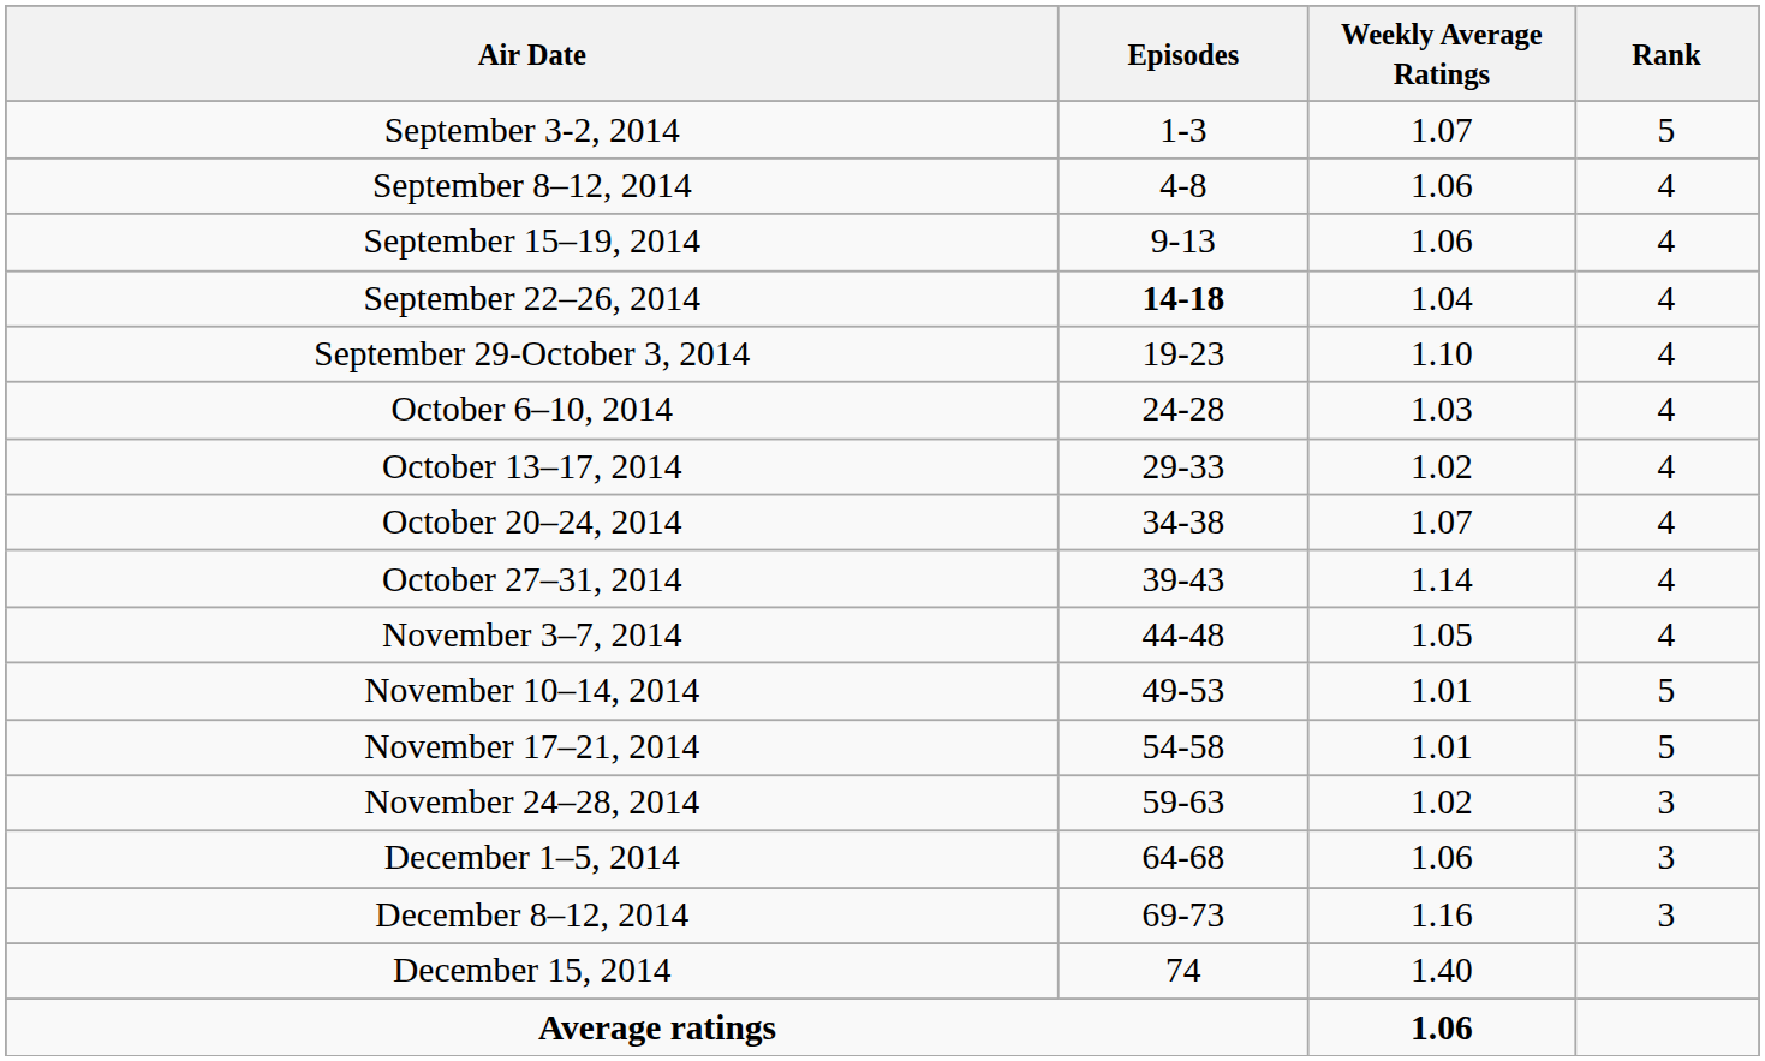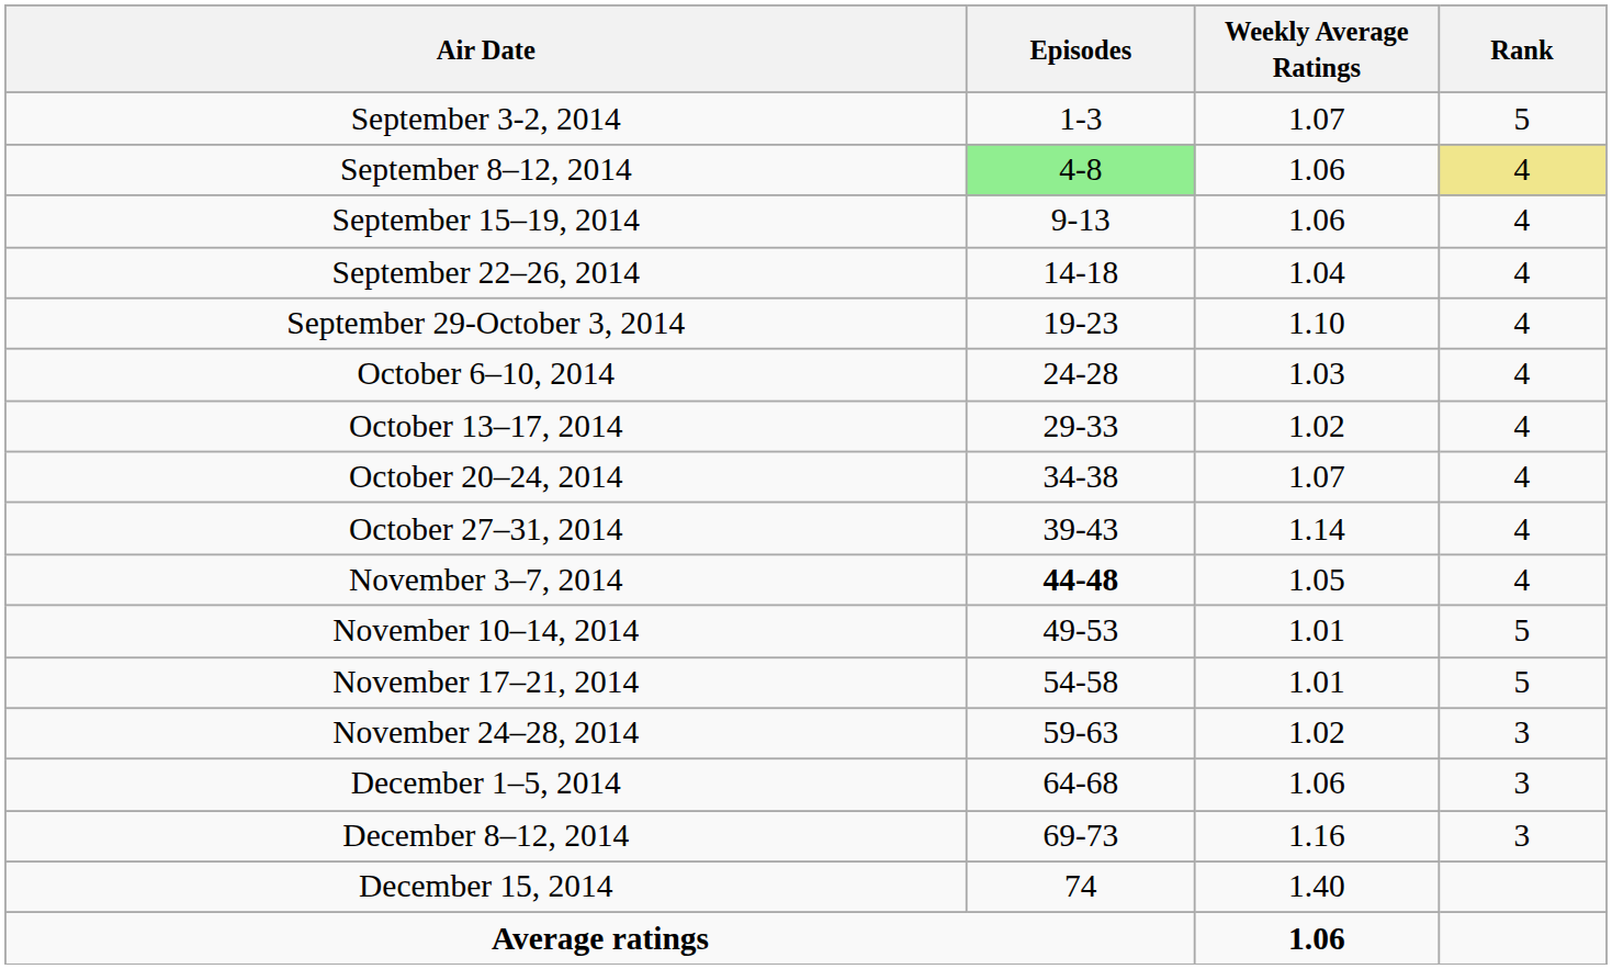 <table class="wikitable" style="text-align:center;width:40%;">
 <tr>
 <th width="25%"><small>Air Date</small></th>
 <th width="5%"><small>Episodes</small></th>
 <th width="6%"><small>Weekly Average Ratings</small></th>
 <th width="4%"><small>Rank</small></th>
 </tr>
 <tr>
 <td>September 3-2, 2014</td>
 <td>1-3</td>
 <td>1.07</td>
 <td>5</td>
 </tr>
 <tr>
 <td>September 8–12, 2014</td>
-<td>4-8</td>
+<td style="background: lightgreen;">4-8</td>
 <td>1.06</td>
-<td>4</td>
+<td style="background: khaki;">4</td>
 </tr>
 <tr>
 <td>September 15–19, 2014</td>
 <td>9-13</td>
 <td>1.06</td>
 <td>4</td>
 </tr>
 <tr>
 <td>September 22–26, 2014</td>
-<td><strong>14-18</strong></td>
+<td>14-18</td>
 <td>1.04</td>
 <td>4</td>
 </tr>
 <tr>
 <td>September 29-October 3, 2014</td>
 <td>19-23</td>
 <td>1.10</td>
 <td>4</td>
 </tr>
 <tr>
 <td>October 6–10, 2014</td>
 <td>24-28</td>
 <td>1.03</td>
 <td>4</td>
 </tr>
 <tr>
 <td>October 13–17, 2014</td>
 <td>29-33</td>
 <td>1.02</td>
 <td>4</td>
 </tr>
 <tr>
 <td>October 20–24, 2014</td>
 <td>34-38</td>
 <td>1.07</td>
 <td>4</td>
 </tr>
 <tr>
 <td>October 27–31, 2014</td>
 <td>39-43</td>
 <td>1.14</td>
 <td>4</td>
 </tr>
 <tr>
 <td>November 3–7, 2014</td>
-<td>44-48</td>
+<td><strong>44-48</strong></td>
 <td>1.05</td>
 <td>4</td>
 </tr>
 <tr>
 <td>November 10–14, 2014</td>
 <td>49-53</td>
 <td>1.01</td>
 <td>5</td>
 </tr>
 <tr>
 <td>November 17–21, 2014</td>
 <td>54-58</td>
 <td>1.01</td>
 <td>5</td>
 </tr>
 <tr>
 <td>November 24–28, 2014</td>
 <td>59-63</td>
 <td>1.02</td>
 <td>3</td>
 </tr>
 <tr>
 <td>December 1–5, 2014</td>
 <td>64-68</td>
 <td>1.06</td>
 <td>3</td>
 </tr>
 <tr>
 <td>December 8–12, 2014</td>
 <td>69-73</td>
 <td>1.16</td>
 <td>3</td>
 </tr>
 <tr>
 <td>December 15, 2014</td>
 <td>74</td>
 <td>1.40</td>
 <td></td>
 </tr>
 <tr>
 <td colspan=2><strong>Average ratings</strong></td>
 <td><strong>1.06</strong></td>
 <td></td>
 </tr>
 <tr>
 </tr>
 </table>
